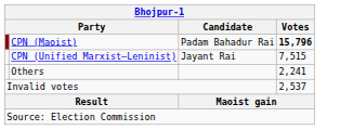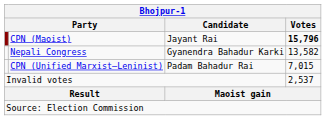 <table class="wikitable">
 <tr>
 <th colspan="4"><a href='#'>Bhojpur-1</a></th>
 </tr>
 <tr>
 <th colspan="2">Party</th>
 <th>Candidate</th>
 <th>Votes</th>
 </tr>
 <tr>
 <td style="background-color:darkred"></td>
 <td><a href='#'>CPN (Maoist)</a></td>
-<td>Padam Bahadur Rai</td>
+<td>Jayant Rai</td>
 <td><strong>15,796</strong></td>
 </tr>
 <tr>
 <td style="background-color:"></td>
-<td><a href='#'>CPN (Unified Marxist–Leninist)</a></td>
-<td>Jayant Rai</td>
-<td>7,515</td>
+<td><a href='#'>Nepali Congress</a></td>
+<td>Gyanendra Bahadur Karki</td>
+<td>13,582</td>
 </tr>
 <tr>
-<td></td>
-<td>Others</td>
-<td></td>
-<td>2,241</td>
+<td style="background-color:"></td>
+<td><a href='#'>CPN (Unified Marxist–Leninist)</a></td>
+<td>Padam Bahadur Rai</td>
+<td>7,015</td>
 </tr>
 <tr>
 <td colspan="3">Invalid votes</td>
 <td>2,537</td>
 </tr>
 <tr>
 <th colspan="2">Result</th>
 <th colspan="2">Maoist gain</th>
 </tr>
 <tr>
 <td colspan="4">Source: Election Commission</td>
 </tr>
 </table>
